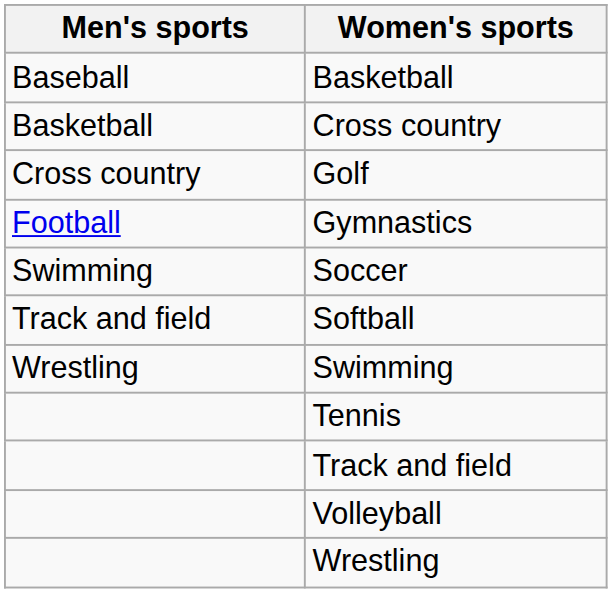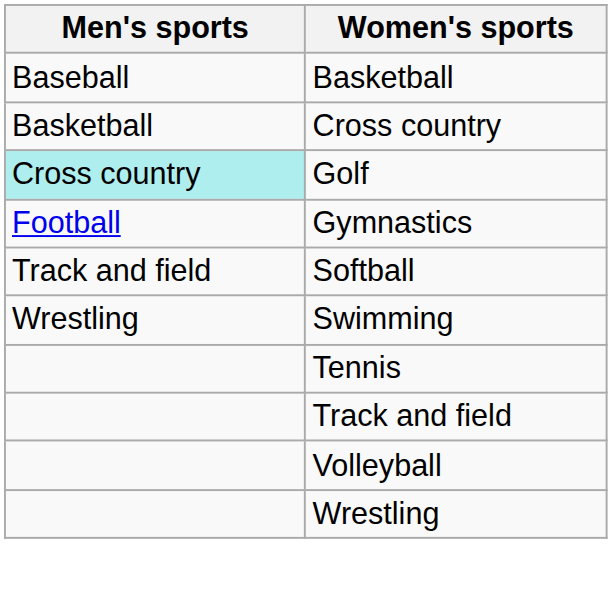 <table class="wikitable"; style= "text-align: ">
 <tr>
 <th width=150px>Men's sports</th>
 <th width=150px>Women's sports</th>
 </tr>
 <tr>
 <td>Baseball</td>
 <td>Basketball</td>
 </tr>
 <tr>
 <td>Basketball</td>
 <td>Cross country</td>
 </tr>
 <tr>
-<td>Cross country</td>
+<td style="background: paleturquoise;">Cross country</td>
 <td>Golf</td>
 </tr>
 <tr>
 <td><a href='#'>Football</a></td>
 <td>Gymnastics</td>
-</tr>
-<tr>
-<td>Swimming</td>
-<td>Soccer</td>
 </tr>
 <tr>
 <td>Track and field</td>
 <td>Softball</td>
 </tr>
 <tr>
 <td>Wrestling</td>
 <td>Swimming</td>
 </tr>
 <tr>
 <td></td>
 <td>Tennis</td>
 </tr>
 <tr>
 <td></td>
 <td>Track and field</td>
 </tr>
 <tr>
 <td></td>
 <td>Volleyball</td>
 </tr>
 <tr>
 <td></td>
 <td>Wrestling</td>
 </tr>
 </table>
